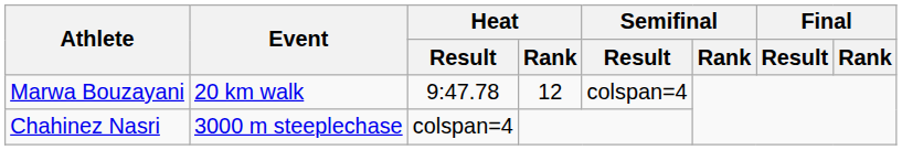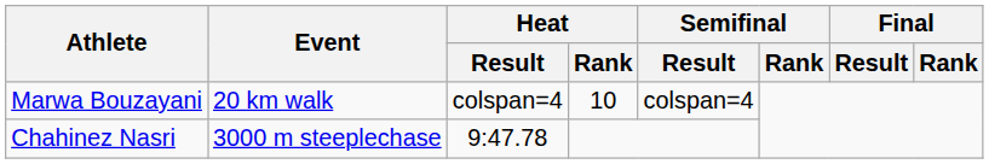 <table class="wikitable">
 <tr>
 <th rowspan="2">Athlete</th>
 <th rowspan="2">Event</th>
 <th colspan="2">Heat</th>
 <th colspan="2">Semifinal</th>
 <th colspan="2">Final</th>
 </tr>
 <tr>
 <th>Result</th>
 <th>Rank</th>
 <th>Result</th>
 <th>Rank</th>
 <th>Result</th>
 <th>Rank</th>
 </tr>
 <tr style=text-align:center>
 <td style=text-align:left><a href='#'>Marwa Bouzayani</a></td>
 <td style=text-align:left><a href='#'>20 km walk</a></td>
-<td>9:47.78</td>
-<td>12</td>
+<td>colspan=4 </td>
+<td>10</td>
 <td>colspan=4 </td>
 </tr>
 <tr style=text-align:center>
 <td style=text-align:left><a href='#'>Chahinez Nasri</a></td>
 <td style=text-align:left><a href='#'>3000 m steeplechase</a></td>
-<td>colspan=4 </td>
+<td>9:47.78</td>
 <td colspan=2></td>
 </tr>
 </table>
